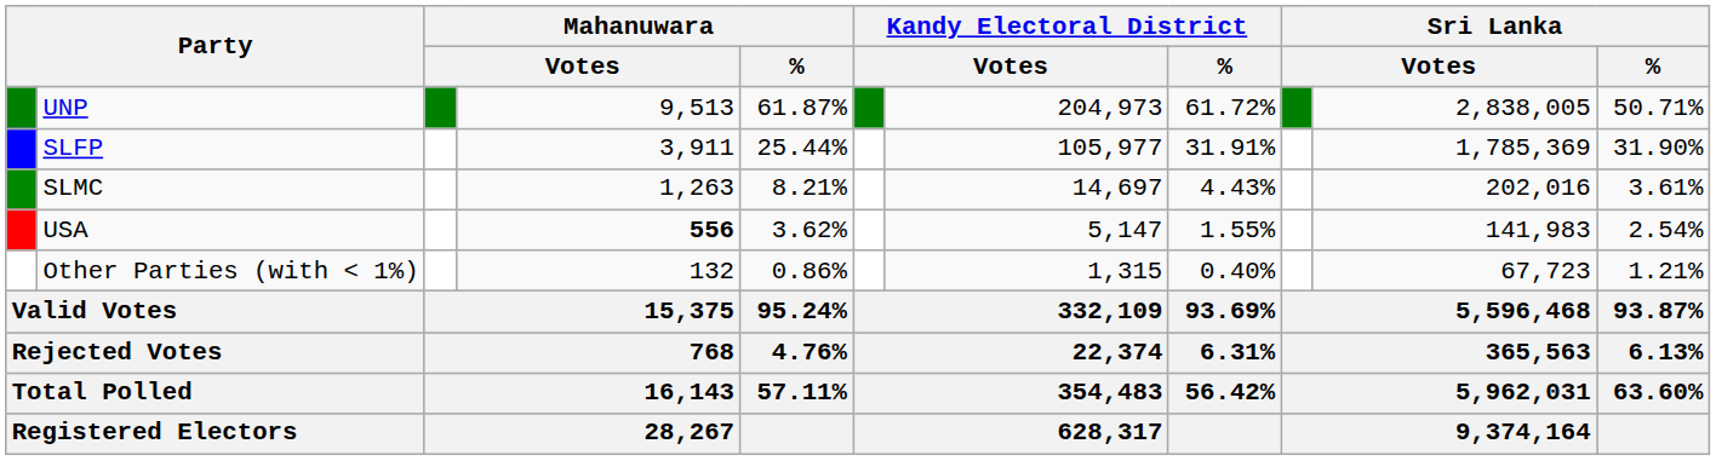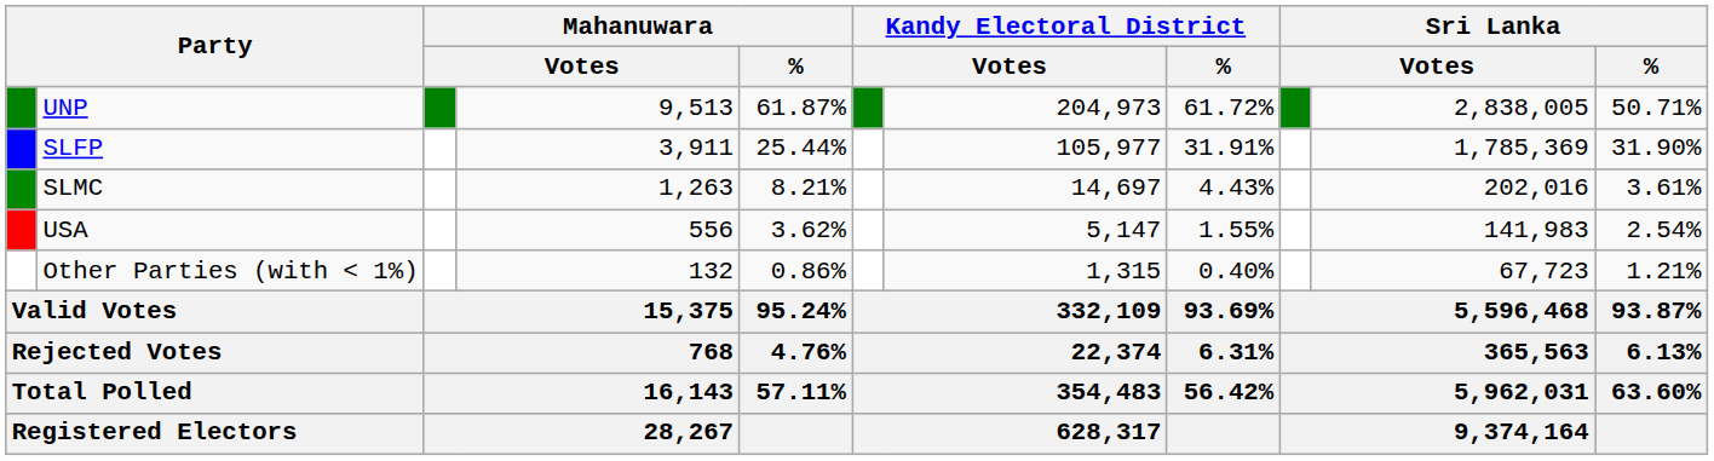 <table class="wikitable">
 <tr>
 <th colspan="2" width="144px"rowspan="2">Party</th>
 <th colspan="3" width="216px">Mahanuwara</th>
 <th colspan="3" width="216px"><a href='#'>Kandy Electoral District</a></th>
 <th colspan="3" width="216px">Sri Lanka</th>
 </tr>
 <tr>
 <th colspan="2" width="144px">Votes</th>
 <th>%</th>
 <th colspan="2" width="144px">Votes</th>
 <th>%</th>
 <th colspan="2" width="144px">Votes</th>
 <th>%</th>
 </tr>
 <tr>
 <td style="background-color:green;" width="10px"></td>
 <td style="text-align:left;"><a href='#'>UNP</a></td>
 <td style="background-color:green;" width="10px"></td>
 <td style="text-align:right;">9,513</td>
 <td style="text-align:right;">61.87%</td>
 <td style="background-color:green;" width="10px"></td>
 <td style="text-align:right;">204,973</td>
 <td style="text-align:right;">61.72%</td>
 <td style="background-color:green;" width="10px"></td>
 <td style="text-align:right;">2,838,005</td>
 <td style="text-align:right;">50.71%</td>
 </tr>
 <tr>
 <td style="background-color:blue;" width="10px"></td>
 <td style="text-align:left;"><a href='#'>SLFP</a></td>
 <td style="background-color:white;" width="10px"></td>
 <td style="text-align:right;">3,911</td>
 <td style="text-align:right;">25.44%</td>
 <td style="background-color:white;" width="10px"></td>
 <td style="text-align:right;">105,977</td>
 <td style="text-align:right;">31.91%</td>
 <td style="background-color:white;" width="10px"></td>
 <td style="text-align:right;">1,785,369</td>
 <td style="text-align:right;">31.90%</td>
 </tr>
 <tr>
 <td style="background-color:#008800;" width="10px"></td>
 <td style="text-align:left;">SLMC</td>
 <td style="background-color:white;" width="10px"></td>
 <td style="text-align:right;">1,263</td>
 <td style="text-align:right;">8.21%</td>
 <td style="background-color:white;" width="10px"></td>
 <td style="text-align:right;">14,697</td>
 <td style="text-align:right;">4.43%</td>
 <td style="background-color:white;" width="10px"></td>
 <td style="text-align:right;">202,016</td>
 <td style="text-align:right;">3.61%</td>
 </tr>
 <tr>
 <td style="background-color:red;" width="10px"></td>
 <td style="text-align:left;">USA</td>
 <td style="background-color:white;" width="10px"></td>
-<td style="text-align:right;"><strong>556</strong></td>
+<td style="text-align:right;">556</td>
 <td style="text-align:right;">3.62%</td>
 <td style="background-color:white;" width="10px"></td>
 <td style="text-align:right;">5,147</td>
 <td style="text-align:right;">1.55%</td>
 <td style="background-color:white;" width="10px"></td>
 <td style="text-align:right;">141,983</td>
 <td style="text-align:right;">2.54%</td>
 </tr>
 <tr>
 <td style="background-color:white;" width="10px"></td>
 <td style="text-align:left;">Other Parties (with < 1%)</td>
 <td style="background-color:white;" width="10px"></td>
 <td style="text-align:right;">132</td>
 <td style="text-align:right;">0.86%</td>
 <td style="background-color:white;" width="10px"></td>
 <td style="text-align:right;">1,315</td>
 <td style="text-align:right;">0.40%</td>
 <td style="background-color:white;" width="10px"></td>
 <td style="text-align:right;">67,723</td>
 <td style="text-align:right;">1.21%</td>
 </tr>
 <tr>
 <th colspan="2" width="144px"style="text-align:left;">Valid Votes</th>
 <th style="text-align:right;"colspan="2" width="144px">15,375</th>
 <th style="text-align:right;">95.24%</th>
 <th style="text-align:right;"colspan="2" width="144px">332,109</th>
 <th style="text-align:right;">93.69%</th>
 <th style="text-align:right;"colspan="2" width="144px">5,596,468</th>
 <th style="text-align:right;">93.87%</th>
 </tr>
 <tr>
 <th colspan="2" width="144px"style="text-align:left;">Rejected Votes</th>
 <th style="text-align:right;"colspan="2" width="144px">768</th>
 <th style="text-align:right;">4.76%</th>
 <th style="text-align:right;"colspan="2" width="144px">22,374</th>
 <th style="text-align:right;">6.31%</th>
 <th style="text-align:right;"colspan="2" width="144px">365,563</th>
 <th style="text-align:right;">6.13%</th>
 </tr>
 <tr>
 <th colspan="2" width="144px"style="text-align:left;">Total Polled</th>
 <th style="text-align:right;"colspan="2" width="144px">16,143</th>
 <th style="text-align:right;">57.11%</th>
 <th style="text-align:right;"colspan="2" width="144px">354,483</th>
 <th style="text-align:right;">56.42%</th>
 <th style="text-align:right;"colspan="2" width="144px">5,962,031</th>
 <th style="text-align:right;">63.60%</th>
 </tr>
 <tr>
 <th colspan="2" width="144px"style="text-align:left;">Registered Electors</th>
 <th style="text-align:right;"colspan="2" width="144px">28,267</th>
 <th></th>
 <th style="text-align:right;"colspan="2" width="144px">628,317</th>
 <th></th>
 <th style="text-align:right;"colspan="2" width="144px">9,374,164</th>
 <th></th>
 </tr>
 </table>
